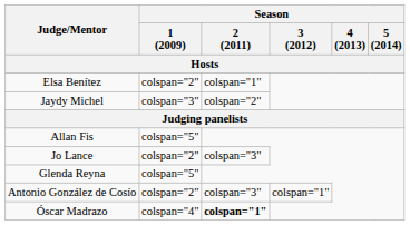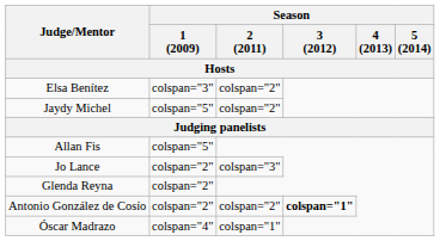 <table class="wikitable" style="margin:1em auto 1em auto;">
 <tr>
 <th rowspan="2">Judge/Mentor</th>
 <th colspan="5">Season</th>
 </tr>
 <tr>
 <th>1<br> (2009)</th>
 <th>2<br> (2011)</th>
 <th>3<br> (2012)</th>
 <th>4<br> (2013)</th>
 <th>5<br> (2014)</th>
 </tr>
 <tr>
 <th colspan="6" scope="col">Hosts</th>
 </tr>
 <tr>
 <td scope="row" style="text-align:center;">Elsa Benítez</td>
+<td>colspan="3" </td>
 <td>colspan="2" </td>
-<td>colspan="1" </td>
 </tr>
 <tr>
 <td scope="row" style="text-align:center;">Jaydy Michel</td>
-<td>colspan="3" </td>
+<td>colspan="5" </td>
 <td>colspan="2" </td>
 </tr>
 <tr>
 <th colspan="6" scope="col">Judging panelists</th>
 </tr>
 <tr>
 <td scope="row" style="text-align:center;">Allan Fis</td>
 <td>colspan="5" </td>
 </tr>
 <tr>
 <td scope="row" style="text-align:center;">Jo Lance</td>
 <td>colspan="2" </td>
 <td>colspan="3" </td>
 </tr>
 <tr>
 <td scope="row" style="text-align:center;">Glenda Reyna</td>
-<td>colspan="5" </td>
+<td>colspan="2" </td>
 </tr>
 <tr>
 <td scope="row" style="text-align:center;">Antonio González de Cosío</td>
 <td>colspan="2" </td>
-<td>colspan="3" </td>
-<td>colspan="1" </td>
+<td>colspan="2" </td>
+<td><strong>colspan="1" </strong></td>
 </tr>
 <tr>
 <td scope="row" style="text-align:center;">Óscar Madrazo</td>
 <td>colspan="4" </td>
-<td><strong>colspan="1" </strong></td>
+<td>colspan="1" </td>
 </tr>
 </table>
